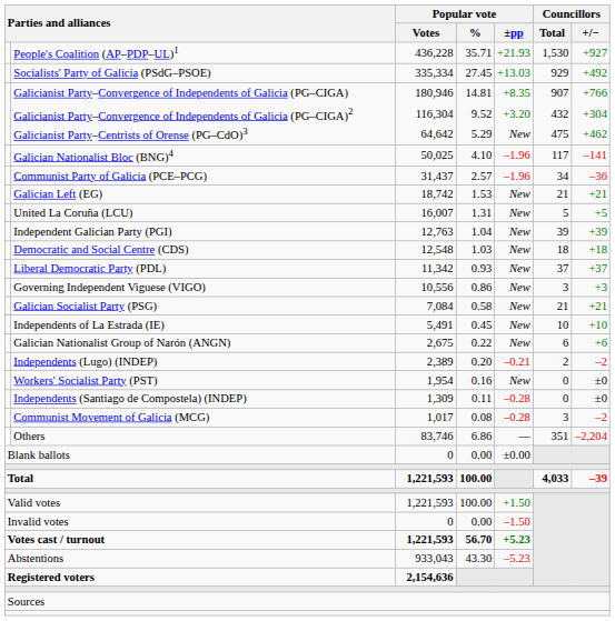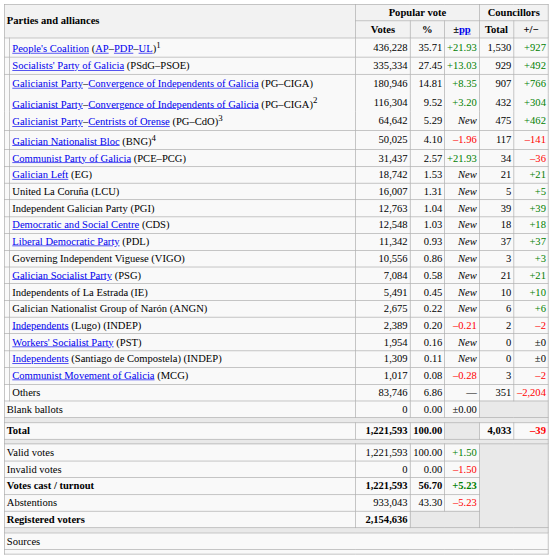 <table class="wikitable" style="text-align:right;">
 <tr>
 <th style="text-align:left;" rowspan="2" colspan="2" width="525">Parties and alliances</th>
 <th colspan="3">Popular vote</th>
 <th colspan="2">Councillors</th>
 </tr>
 <tr>
 <th width="75">Votes</th>
 <th width="45">%</th>
 <th width="45">±<a href='#'>pp</a></th>
 <th width="45">Total</th>
 <th width="45">+/−</th>
 </tr>
 <tr>
 <td width="1" style="color:inherit;background:"></td>
 <td align="left"><a href='#'>People's Coalition</a> (<a href='#'>AP</a>–<a href='#'>PDP</a>–<a href='#'>UL</a>)<sup>1</sup></td>
 <td>436,228</td>
 <td>35.71</td>
 <td style="color:green;">+21.93</td>
 <td>1,530</td>
 <td style="color:green;">+927</td>
 </tr>
 <tr>
 <td style="color:inherit;background:"></td>
 <td align="left"><a href='#'>Socialists' Party of Galicia</a> (PSdG–PSOE)</td>
 <td>335,334</td>
 <td>27.45</td>
 <td style="color:green;">+13.03</td>
 <td>929</td>
 <td style="color:green;">+492</td>
 </tr>
 <tr style="line-height:22px;">
 <td rowspan="3" style="color:inherit;background:"></td>
 <td align="left"><a href='#'>Galicianist Party</a>–<a href='#'>Convergence of Independents of Galicia</a> (PG–CIGA)</td>
 <td>180,946</td>
 <td>14.81</td>
 <td style="color:green;">+8.35</td>
 <td>907</td>
 <td style="color:green;">+766</td>
 </tr>
 <tr style="border-bottom-style:hidden; border-top-style:hidden; line-height:16px;">
 <td align="left"><span><a href='#'>Galicianist Party</a>–<a href='#'>Convergence of Independents of Galicia</a> (PG–CIGA)<sup>2</sup></span></td>
 <td>116,304</td>
 <td>9.52</td>
 <td style="color:green;">+3.20</td>
 <td>432</td>
 <td style="color:green;">+304</td>
 </tr>
 <tr style="line-height:16px;">
 <td align="left"><span><a href='#'>Galicianist Party</a>–<a href='#'>Centrists of Orense</a> (PG–CdO)<sup>3</sup></span></td>
 <td>64,642</td>
 <td>5.29</td>
 <td><em>New</em></td>
 <td>475</td>
 <td style="color:green;">+462</td>
 </tr>
 <tr>
 <td style="color:inherit;background:"></td>
 <td align="left"><a href='#'>Galician Nationalist Bloc</a> (BNG)<sup>4</sup></td>
 <td>50,025</td>
 <td>4.10</td>
 <td style="color:red;">–1.96</td>
 <td>117</td>
 <td style="color:red;">–141</td>
 </tr>
 <tr>
 <td style="color:inherit;background:"></td>
 <td align="left"><a href='#'>Communist Party of Galicia</a> (PCE–PCG)</td>
 <td>31,437</td>
 <td>2.57</td>
-<td style="color:red;">–1.96</td>
+<td style="color:green;">+21.93</td>
 <td>34</td>
 <td style="color:red;">–36</td>
 </tr>
 <tr>
 <td style="color:inherit;background:"></td>
 <td align="left"><a href='#'>Galician Left</a> (EG)</td>
 <td>18,742</td>
 <td>1.53</td>
 <td><em>New</em></td>
 <td>21</td>
 <td style="color:green;">+21</td>
 </tr>
 <tr>
 <td style="color:inherit;background:"></td>
 <td align="left">United La Coruña (LCU)</td>
 <td>16,007</td>
 <td>1.31</td>
 <td><em>New</em></td>
 <td>5</td>
 <td style="color:green;">+5</td>
 </tr>
 <tr>
 <td style="color:inherit;background:"></td>
 <td align="left">Independent Galician Party (PGI)</td>
 <td>12,763</td>
 <td>1.04</td>
 <td><em>New</em></td>
 <td>39</td>
 <td style="color:green;">+39</td>
 </tr>
 <tr>
 <td style="color:inherit;background:"></td>
 <td align="left"><a href='#'>Democratic and Social Centre</a> (CDS)</td>
 <td>12,548</td>
 <td>1.03</td>
 <td><em>New</em></td>
 <td>18</td>
 <td style="color:green;">+18</td>
 </tr>
 <tr>
 <td style="color:inherit;background:"></td>
 <td align="left"><a href='#'>Liberal Democratic Party</a> (PDL)</td>
 <td>11,342</td>
 <td>0.93</td>
 <td><em>New</em></td>
 <td>37</td>
 <td style="color:green;">+37</td>
 </tr>
 <tr>
 <td style="color:inherit;background:"></td>
 <td align="left">Governing Independent Viguese (VIGO)</td>
 <td>10,556</td>
 <td>0.86</td>
 <td><em>New</em></td>
 <td>3</td>
 <td style="color:green;">+3</td>
 </tr>
 <tr>
 <td style="color:inherit;background:"></td>
 <td align="left"><a href='#'>Galician Socialist Party</a> (PSG)</td>
 <td>7,084</td>
 <td>0.58</td>
 <td><em>New</em></td>
 <td>21</td>
 <td style="color:green;">+21</td>
 </tr>
 <tr>
 <td style="color:inherit;background:"></td>
 <td align="left">Independents of La Estrada (IE)</td>
 <td>5,491</td>
 <td>0.45</td>
 <td><em>New</em></td>
 <td>10</td>
 <td style="color:green;">+10</td>
 </tr>
 <tr>
 <td style="color:inherit;background:"></td>
 <td align="left">Galician Nationalist Group of Narón (ANGN)</td>
 <td>2,675</td>
 <td>0.22</td>
 <td><em>New</em></td>
 <td>6</td>
 <td style="color:green;">+6</td>
 </tr>
 <tr>
 <td style="color:inherit;background:"></td>
 <td align="left"><a href='#'>Independents</a> (Lugo) (INDEP)</td>
 <td>2,389</td>
 <td>0.20</td>
 <td style="color:red;">–0.21</td>
 <td>2</td>
 <td style="color:red;">–2</td>
 </tr>
 <tr>
 <td style="color:inherit;background:"></td>
 <td align="left"><a href='#'>Workers' Socialist Party</a> (PST)</td>
 <td>1,954</td>
 <td>0.16</td>
 <td><em>New</em></td>
 <td>0</td>
 <td>±0</td>
 </tr>
 <tr>
 <td style="color:inherit;background:"></td>
 <td align="left"><a href='#'>Independents</a> (Santiago de Compostela) (INDEP)</td>
 <td>1,309</td>
 <td>0.11</td>
-<td style="color:red;">–0.28</td>
+<td><em>New</em></td>
 <td>0</td>
 <td>±0</td>
 </tr>
 <tr>
 <td style="color:inherit;background:"></td>
 <td align="left"><a href='#'>Communist Movement of Galicia</a> (MCG)</td>
 <td>1,017</td>
 <td>0.08</td>
 <td style="color:red;">–0.28</td>
 <td>3</td>
 <td style="color:red;">–2</td>
 </tr>
 <tr>
 <td bgcolor="white"></td>
 <td align="left">Others</td>
 <td>83,746</td>
 <td>6.86</td>
 <td>—</td>
 <td>351</td>
 <td style="color:red;">–2,204</td>
 </tr>
 <tr>
 <td align="left" colspan="2">Blank ballots</td>
 <td>0</td>
 <td>0.00</td>
 <td>±0.00</td>
 <td bgcolor="#E9E9E9" colspan="2"></td>
 </tr>
 <tr>
 <td colspan="7" bgcolor="#E9E9E9"></td>
 </tr>
 <tr style="font-weight:bold;">
 <td align="left" colspan="2">Total</td>
 <td>1,221,593</td>
 <td>100.00</td>
 <td bgcolor="#E9E9E9"></td>
 <td>4,033</td>
 <td style="color:red;">–39</td>
 </tr>
 <tr>
 <td colspan="7" bgcolor="#E9E9E9"></td>
 </tr>
 <tr>
 <td align="left" colspan="2">Valid votes</td>
 <td>1,221,593</td>
 <td>100.00</td>
 <td style="color:green;">+1.50</td>
 <td bgcolor="#E9E9E9" colspan="2" rowspan="5"></td>
 </tr>
 <tr>
 <td align="left" colspan="2">Invalid votes</td>
 <td>0</td>
 <td>0.00</td>
 <td style="color:red;">–1.50</td>
 </tr>
 <tr style="font-weight:bold;">
 <td align="left" colspan="2">Votes cast / turnout</td>
 <td>1,221,593</td>
 <td>56.70</td>
 <td style="color:green;">+5.23</td>
 </tr>
 <tr>
 <td align="left" colspan="2">Abstentions</td>
 <td>933,043</td>
 <td>43.30</td>
 <td style="color:red;">–5.23</td>
 </tr>
 <tr style="font-weight:bold;">
 <td align="left" colspan="2">Registered voters</td>
 <td>2,154,636</td>
 <td bgcolor="#E9E9E9" colspan="2"></td>
 </tr>
 <tr>
 <td colspan="7" bgcolor="#E9E9E9"></td>
 </tr>
 <tr>
 <td align="left" colspan="7">Sources</td>
 </tr>
 <tr>
 <td colspan="7" style="text-align:left; max-width:790px;"></td>
 </tr>
 </table>
